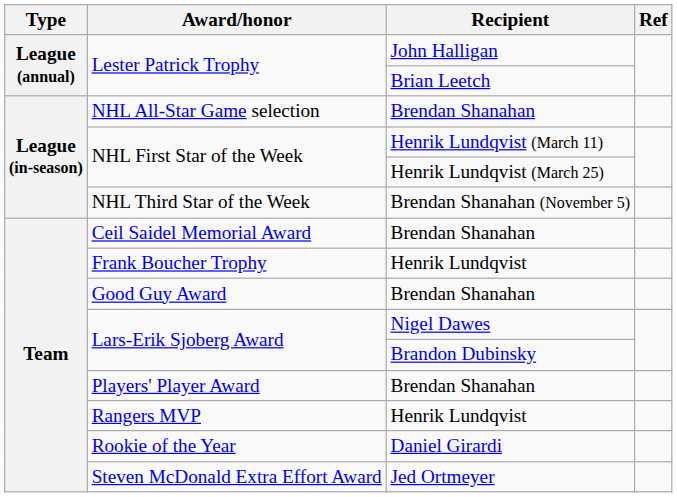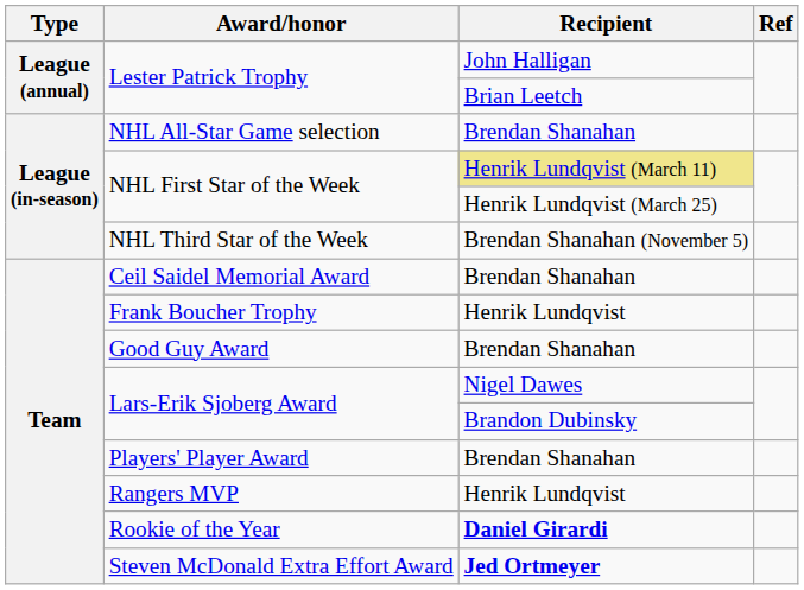 <table class="wikitable">
 <tr>
 <th scope="col">Type</th>
 <th scope="col">Award/honor</th>
 <th scope="col">Recipient</th>
 <th scope="col">Ref</th>
 </tr>
 <tr>
 <th scope="row" rowspan="2">League<br><small>(annual)</small></th>
 <td rowspan="2"><a href='#'>Lester Patrick Trophy</a></td>
 <td><a href='#'>John Halligan</a></td>
 <td rowspan="2"></td>
 </tr>
 <tr>
 <td><a href='#'>Brian Leetch</a></td>
 </tr>
 <tr>
 <th scope="row" rowspan="4">League<br><small>(in-season)</small></th>
 <td><a href='#'>NHL All-Star Game</a> selection</td>
 <td><a href='#'>Brendan Shanahan</a></td>
 <td></td>
 </tr>
 <tr>
 <td rowspan="2">NHL First Star of the Week</td>
-<td><a href='#'>Henrik Lundqvist</a> <small>(March 11)</small></td>
+<td style="background: khaki;"><a href='#'>Henrik Lundqvist</a> <small>(March 11)</small></td>
 <td rowspan="2"></td>
 </tr>
 <tr>
 <td>Henrik Lundqvist <small>(March 25)</small></td>
 </tr>
 <tr>
 <td>NHL Third Star of the Week</td>
 <td>Brendan Shanahan <small>(November 5)</small></td>
 <td></td>
 </tr>
 <tr>
 <th scope="row" rowspan="9">Team</th>
 <td><a href='#'>Ceil Saidel Memorial Award</a></td>
 <td>Brendan Shanahan</td>
 <td></td>
 </tr>
 <tr>
 <td><a href='#'>Frank Boucher Trophy</a></td>
 <td>Henrik Lundqvist</td>
 <td></td>
 </tr>
 <tr>
 <td><a href='#'>Good Guy Award</a></td>
 <td>Brendan Shanahan</td>
 <td></td>
 </tr>
 <tr>
 <td rowspan="2"><a href='#'>Lars-Erik Sjoberg Award</a></td>
 <td><a href='#'>Nigel Dawes</a></td>
 <td rowspan="2"></td>
 </tr>
 <tr>
 <td><a href='#'>Brandon Dubinsky</a></td>
 </tr>
 <tr>
 <td><a href='#'>Players' Player Award</a></td>
 <td>Brendan Shanahan</td>
 <td></td>
 </tr>
 <tr>
 <td><a href='#'>Rangers MVP</a></td>
 <td>Henrik Lundqvist</td>
 <td></td>
 </tr>
 <tr>
 <td><a href='#'>Rookie of the Year</a></td>
-<td><a href='#'>Daniel Girardi</a></td>
+<td><strong><a href='#'>Daniel Girardi</a></strong></td>
 <td></td>
 </tr>
 <tr>
 <td><a href='#'>Steven McDonald Extra Effort Award</a></td>
-<td><a href='#'>Jed Ortmeyer</a></td>
+<td><strong><a href='#'>Jed Ortmeyer</a></strong></td>
 <td></td>
 </tr>
 </table>
